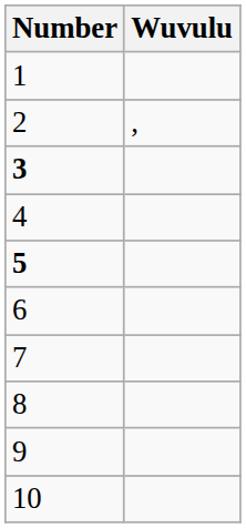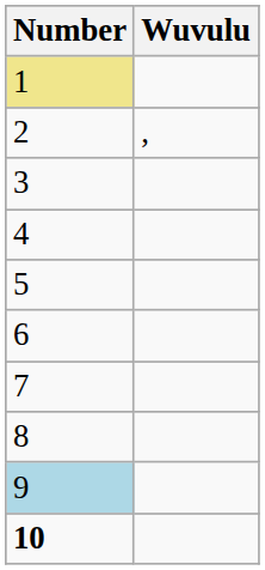 <table class="wikitable">
 <tr>
 <th>Number</th>
 <th>Wuvulu</th>
 </tr>
 <tr>
-<td>1</td>
+<td style="background: khaki;">1</td>
 <td></td>
 </tr>
 <tr>
 <td>2</td>
 <td>, </td>
 </tr>
 <tr>
-<td><strong>3</strong></td>
+<td>3</td>
 <td></td>
 </tr>
 <tr>
 <td>4</td>
 <td></td>
 </tr>
 <tr>
-<td><strong>5</strong></td>
+<td>5</td>
 <td></td>
 </tr>
 <tr>
 <td>6</td>
 <td></td>
 </tr>
 <tr>
 <td>7</td>
 <td></td>
 </tr>
 <tr>
 <td>8</td>
 <td></td>
 </tr>
 <tr>
-<td>9</td>
+<td style="background: lightblue;">9</td>
 <td></td>
 </tr>
 <tr>
-<td>10</td>
+<td><strong>10</strong></td>
 <td></td>
 </tr>
 </table>
